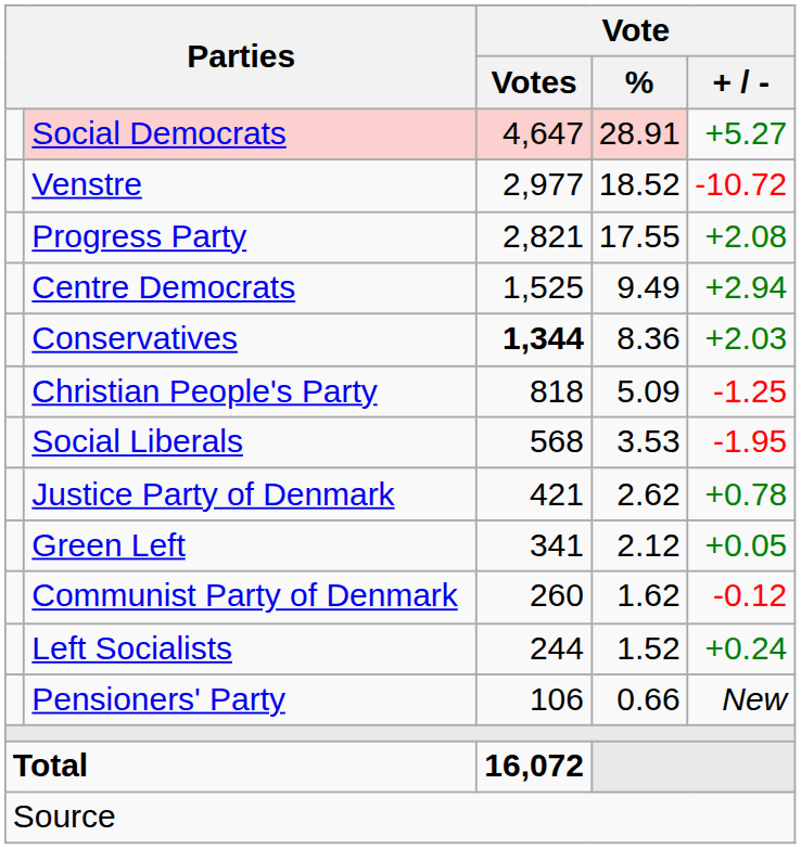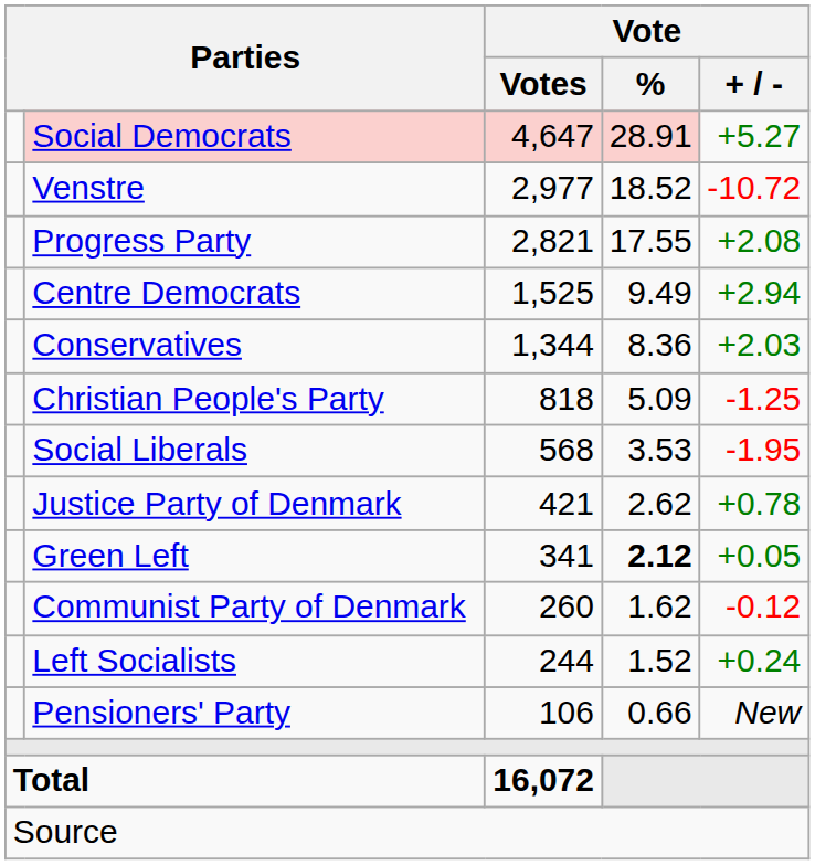 <table class="wikitable" style="text-align:right;">
 <tr>
 <th style="text-align:centre;" rowspan="2" colspan="2" width="225">Parties</th>
 <th colspan="3">Vote</th>
 </tr>
 <tr>
 <th width="15">Votes</th>
 <th width="15">%</th>
 <th width="15">+ / -</th>
 </tr>
 <tr>
 <td width="2" style="color:inherit;background:"></td>
 <td bgcolor=#fbd0ce  align="left"><a href='#'>Social Democrats</a></td>
 <td bgcolor=#fbd0ce>4,647</td>
 <td bgcolor=#fbd0ce>28.91</td>
 <td style=color:green;>+5.27</td>
 </tr>
 <tr>
 <td width="2" style="color:inherit;background:"></td>
 <td align="left"><a href='#'>Venstre</a></td>
 <td>2,977</td>
 <td>18.52</td>
 <td style=color:red;>-10.72</td>
 </tr>
 <tr>
 <td width="2" style="color:inherit;background:"></td>
 <td align="left"><a href='#'>Progress Party</a></td>
 <td>2,821</td>
 <td>17.55</td>
 <td style=color:green;>+2.08</td>
 </tr>
 <tr>
 <td width="2" style="color:inherit;background:"></td>
 <td align="left"><a href='#'>Centre Democrats</a></td>
 <td>1,525</td>
 <td>9.49</td>
 <td style=color:green;>+2.94</td>
 </tr>
 <tr>
 <td width="2" style="color:inherit;background:"></td>
 <td align="left"><a href='#'>Conservatives</a></td>
-<td><strong>1,344</strong></td>
+<td>1,344</td>
 <td>8.36</td>
 <td style=color:green;>+2.03</td>
 </tr>
 <tr>
 <td width="2" style="color:inherit;background:"></td>
 <td align="left"><a href='#'>Christian People's Party</a></td>
 <td>818</td>
 <td>5.09</td>
 <td style=color:red;>-1.25</td>
 </tr>
 <tr>
 <td width="2" style="color:inherit;background:"></td>
 <td align="left"><a href='#'>Social Liberals</a></td>
 <td>568</td>
 <td>3.53</td>
 <td style=color:red;>-1.95</td>
 </tr>
 <tr>
 <td width="2" style="color:inherit;background:"></td>
 <td align="left"><a href='#'>Justice Party of Denmark</a></td>
 <td>421</td>
 <td>2.62</td>
 <td style=color:green;>+0.78</td>
 </tr>
 <tr>
 <td width="2" style="color:inherit;background:"></td>
 <td align="left"><a href='#'>Green Left</a></td>
 <td>341</td>
-<td>2.12</td>
+<td><strong>2.12</strong></td>
 <td style=color:green;>+0.05</td>
 </tr>
 <tr>
 <td width="2" style="color:inherit;background:"></td>
 <td align="left"><a href='#'>Communist Party of Denmark</a></td>
 <td>260</td>
 <td>1.62</td>
 <td style=color:red;>-0.12</td>
 </tr>
 <tr>
 <td width="2" style="color:inherit;background:"></td>
 <td align="left"><a href='#'>Left Socialists</a></td>
 <td>244</td>
 <td>1.52</td>
 <td style=color:green;>+0.24</td>
 </tr>
 <tr>
 <td width="2" style="color:inherit;background:"></td>
 <td align="left"><a href='#'>Pensioners' Party</a></td>
 <td>106</td>
 <td>0.66</td>
 <td><em>New</em></td>
 </tr>
 <tr>
 <td colspan="7" bgcolor="#E9E9E9"></td>
 </tr>
 <tr>
 <td align="left" colspan="2"><strong>Total</strong></td>
 <td><strong>16,072</strong></td>
 <td bgcolor="#E9E9E9" colspan="2"></td>
 </tr>
 <tr>
 <td align="left" colspan="6">Source</td>
 </tr>
 </table>
